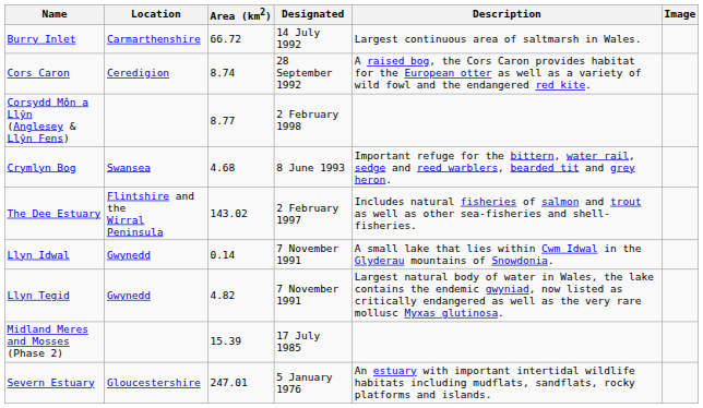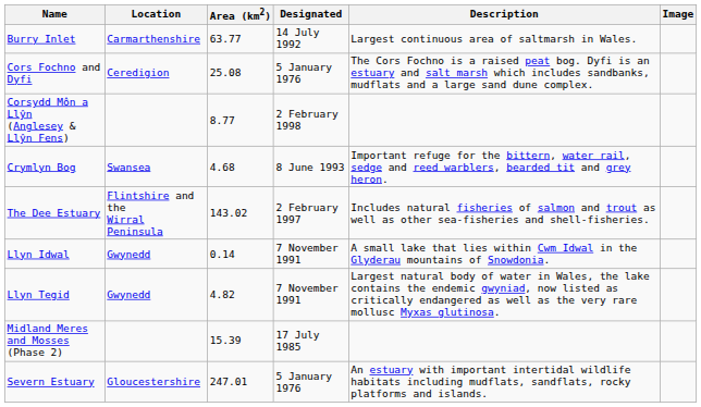 <table class="wikitable sortable">
 <tr>
 <th style="background-color:">Name</th>
 <th style="background-color:">Location</th>
 <th style="background-color:">Area (km<sup>2</sup>)</th>
 <th style="background-color:">Designated</th>
 <th style="background-color:">Description</th>
 <th style="background-color:">Image</th>
 </tr>
 <tr>
 <td><a href='#'>Burry Inlet</a></td>
 <td><a href='#'>Carmarthenshire</a><br><small></small></td>
-<td>66.72</td>
+<td>63.77</td>
 <td>14 July 1992</td>
 <td>Largest continuous area of saltmarsh in Wales.</td>
 <td></td>
 </tr>
 <tr>
-<td><a href='#'>Cors Caron</a></td>
+<td><a href='#'>Cors Fochno</a> and <a href='#'>Dyfi</a></td>
 <td><a href='#'>Ceredigion</a><br><small></small></td>
-<td>8.74</td>
-<td>28 September 1992</td>
-<td>A <a href='#'>raised bog</a>, the Cors Caron provides habitat for the <a href='#'>European otter</a> as well as a variety of wild fowl and the endangered <a href='#'>red kite</a>.</td>
+<td>25.08</td>
+<td>5 January 1976</td>
+<td>The Cors Fochno is a raised <a href='#'>peat</a> bog. Dyfi is an <a href='#'>estuary</a> and <a href='#'>salt marsh</a> which includes sandbanks, mudflats and a large sand dune complex.</td>
 <td></td>
 </tr>
 <tr>
 <td><a href='#'>Corsydd Môn a Llŷn</a><br>(<a href='#'>Anglesey</a> & <a href='#'>Llŷn Fens</a>)</td>
 <td><br><small></small></td>
 <td>8.77</td>
 <td>2 February 1998</td>
 <td></td>
 <td></td>
 </tr>
 <tr>
 <td><a href='#'>Crymlyn Bog</a></td>
 <td><a href='#'>Swansea</a><br><small></small></td>
 <td>4.68</td>
 <td>8 June 1993</td>
 <td>Important refuge for the <a href='#'>bittern</a>, <a href='#'>water rail</a>, <a href='#'>sedge</a> and <a href='#'>reed warblers</a>, <a href='#'>bearded tit</a> and <a href='#'>grey heron</a>.</td>
 <td></td>
 </tr>
 <tr>
 <td><a href='#'>The Dee Estuary</a></td>
 <td><a href='#'>Flintshire</a> and the<br><a href='#'>Wirral Peninsula</a><br><small></small></td>
 <td>143.02</td>
 <td>2 February 1997</td>
 <td>Includes natural <a href='#'>fisheries</a> of <a href='#'>salmon</a> and <a href='#'>trout</a> as well as other sea-fisheries and shell-fisheries.</td>
 <td></td>
 </tr>
 <tr>
 <td><a href='#'>Llyn Idwal</a></td>
 <td><a href='#'>Gwynedd</a><br><small></small></td>
 <td>0.14</td>
 <td>7 November 1991</td>
 <td>A small lake that lies within <a href='#'>Cwm Idwal</a> in the <a href='#'>Glyderau</a> mountains of <a href='#'>Snowdonia</a>.</td>
 <td></td>
 </tr>
 <tr>
 <td><a href='#'>Llyn Tegid</a></td>
 <td><a href='#'>Gwynedd</a><br><small></small></td>
 <td>4.82</td>
 <td>7 November 1991</td>
 <td>Largest natural body of water in Wales, the lake contains the endemic <a href='#'>gwyniad</a>, now listed as critically endangered as well as the very rare mollusc <a href='#'>Myxas glutinosa</a>.</td>
 <td></td>
 </tr>
 <tr>
 <td><a href='#'>Midland Meres and Mosses</a> (Phase 2)</td>
 <td><br><small></small></td>
 <td>15.39</td>
 <td>17 July 1985</td>
 <td></td>
 <td></td>
 </tr>
 <tr>
 <td><a href='#'>Severn Estuary</a></td>
 <td><a href='#'>Gloucestershire</a><br><small></small></td>
 <td>247.01</td>
 <td>5 January 1976</td>
 <td>An <a href='#'>estuary</a> with important intertidal wildlife habitats including mudflats, sandflats, rocky platforms and islands.</td>
 <td></td>
 </tr>
 </table>
